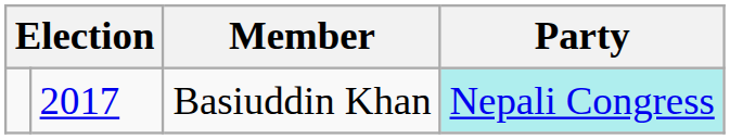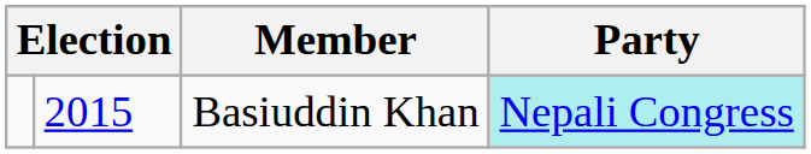 <table class="wikitable">
 <tr>
 <th colspan="2">Election</th>
 <th>Member</th>
 <th>Party</th>
 </tr>
 <tr>
 <td style="background-color:"></td>
-<td><a href='#'>2017</a></td>
+<td><a href='#'>2015</a></td>
 <td>Basiuddin Khan</td>
 <td style="background: paleturquoise;"><a href='#'>Nepali Congress</a></td>
 </tr>
 </table>
